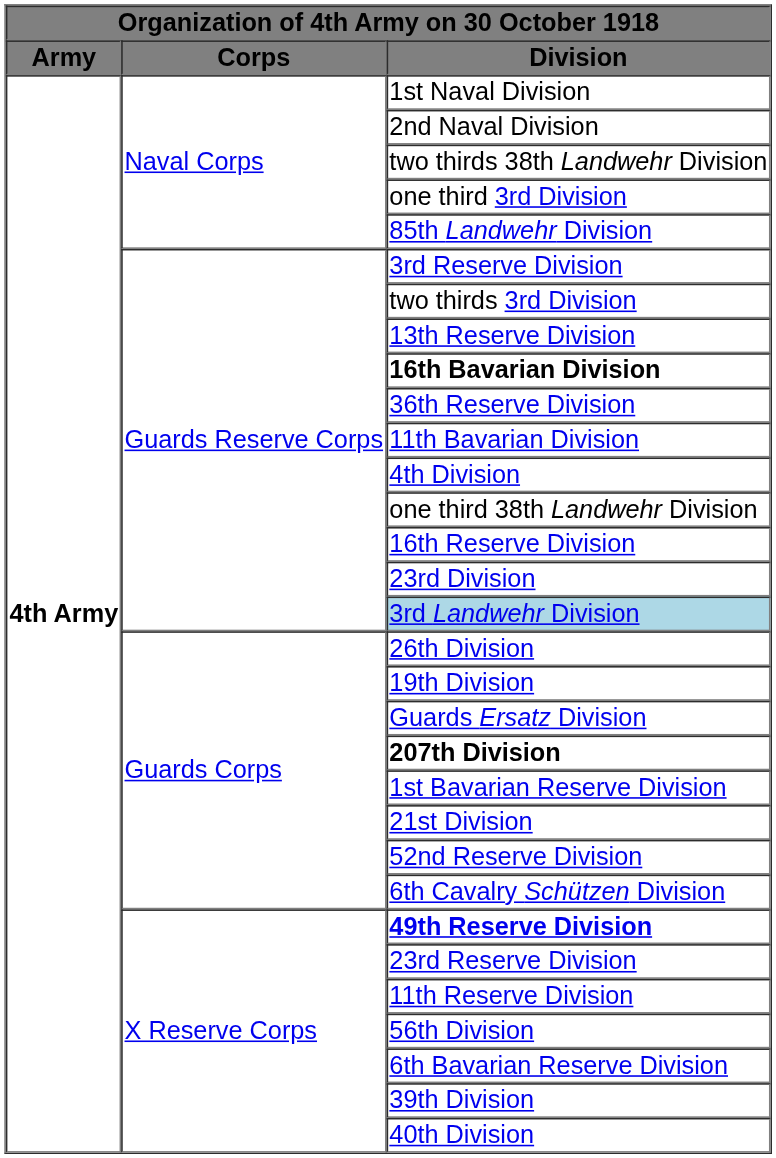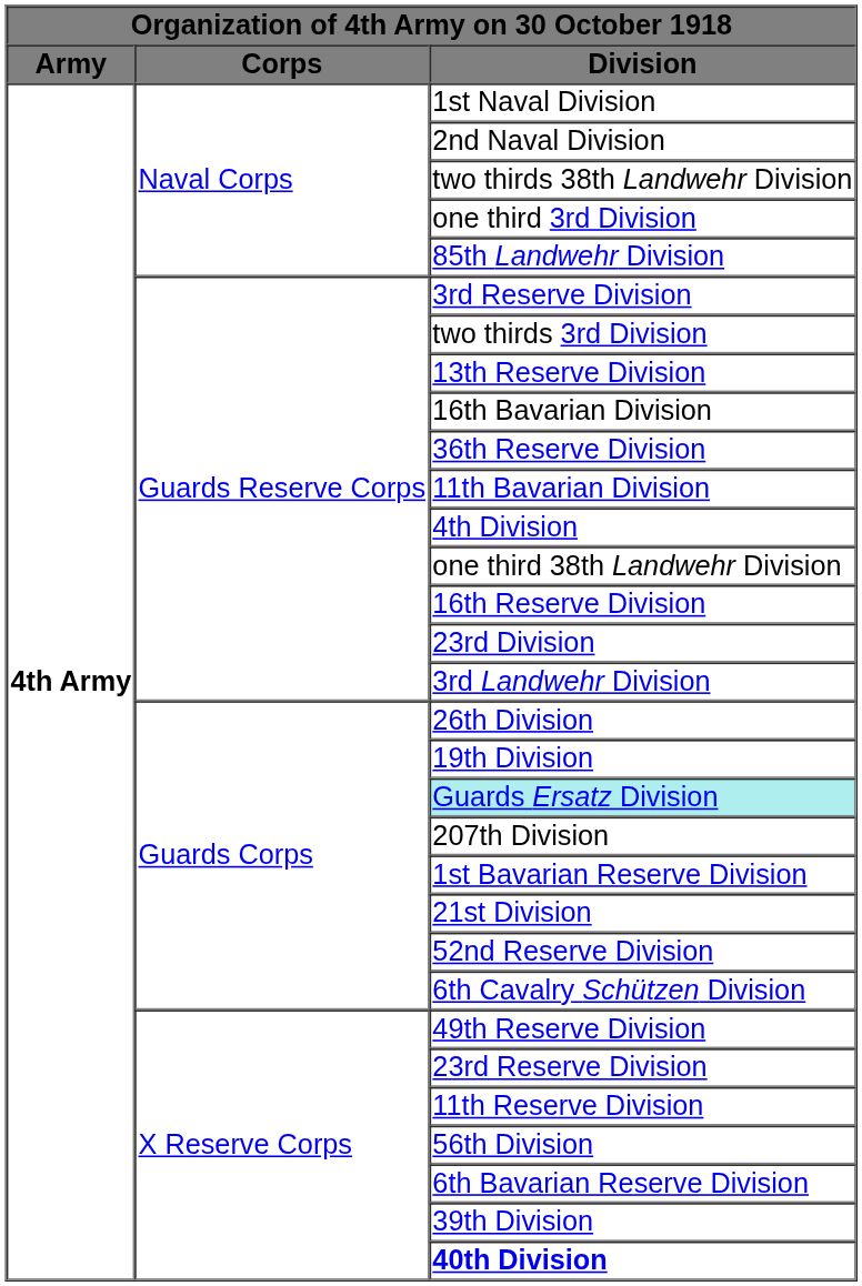 <table style="float: right;" border="1" cellpadding="1" cellspacing="0" style="font-size: 100%; border: gray solid 1px; border-collapse: collapse; text-align: center;">
 <tr style="background-color:grey; color:black;">
 <th colspan="3">Organization of 4th Army on 30 October 1918</th>
 </tr>
 <tr>
 </tr>
 <tr style="background-color:grey; color:black;">
 <th>Army</th>
 <th>Corps</th>
 <th>Division</th>
 </tr>
 <tr>
 <td ROWSPAN=31><strong>4th Army</strong></td>
 <td ROWSPAN=5><a href='#'>Naval Corps</a></td>
 <td>1st Naval Division</td>
 </tr>
 <tr>
 <td>2nd Naval Division</td>
 </tr>
 <tr>
 <td>two thirds 38th <em>Landwehr</em> Division</td>
 </tr>
 <tr>
 <td>one third <a href='#'>3rd Division</a></td>
 </tr>
 <tr>
 <td><a href='#'>85th <em>Landwehr</em> Division</a></td>
 </tr>
 <tr>
 <td ROWSPAN=11><a href='#'>Guards Reserve Corps</a></td>
 <td><a href='#'>3rd Reserve Division</a></td>
 </tr>
 <tr>
 <td>two thirds <a href='#'>3rd Division</a></td>
 </tr>
 <tr>
 <td><a href='#'>13th Reserve Division</a></td>
 </tr>
 <tr>
-<td><strong>16th Bavarian Division</strong></td>
+<td>16th Bavarian Division</td>
 </tr>
 <tr>
 <td><a href='#'>36th Reserve Division</a></td>
 </tr>
 <tr>
 <td><a href='#'>11th Bavarian Division</a></td>
 </tr>
 <tr>
 <td><a href='#'>4th Division</a></td>
 </tr>
 <tr>
 <td>one third 38th <em>Landwehr</em> Division</td>
 </tr>
 <tr>
 <td><a href='#'>16th Reserve Division</a></td>
 </tr>
 <tr>
 <td><a href='#'>23rd Division</a></td>
 </tr>
 <tr>
-<td style="background: lightblue;"><a href='#'>3rd <em>Landwehr</em> Division</a></td>
+<td><a href='#'>3rd <em>Landwehr</em> Division</a></td>
 </tr>
 <tr>
 <td ROWSPAN=8><a href='#'>Guards Corps</a></td>
 <td><a href='#'>26th Division</a></td>
 </tr>
 <tr>
 <td><a href='#'>19th Division</a></td>
 </tr>
 <tr>
-<td><a href='#'>Guards <em>Ersatz</em> Division</a></td>
+<td style="background: paleturquoise;"><a href='#'>Guards <em>Ersatz</em> Division</a></td>
 </tr>
 <tr>
-<td><strong>207th Division</strong></td>
+<td>207th Division</td>
 </tr>
 <tr>
 <td><a href='#'>1st Bavarian Reserve Division</a></td>
 </tr>
 <tr>
 <td><a href='#'>21st Division</a></td>
 </tr>
 <tr>
 <td><a href='#'>52nd Reserve Division</a></td>
 </tr>
 <tr>
 <td><a href='#'>6th Cavalry <em>Schützen</em> Division</a></td>
 </tr>
 <tr>
 <td ROWSPAN=7><a href='#'>X Reserve Corps</a></td>
-<td><strong><a href='#'>49th Reserve Division</a></strong></td>
+<td><a href='#'>49th Reserve Division</a></td>
 </tr>
 <tr>
 <td><a href='#'>23rd Reserve Division</a></td>
 </tr>
 <tr>
 <td><a href='#'>11th Reserve Division</a></td>
 </tr>
 <tr>
 <td><a href='#'>56th Division</a></td>
 </tr>
 <tr>
 <td><a href='#'>6th Bavarian Reserve Division</a></td>
 </tr>
 <tr>
 <td><a href='#'>39th Division</a></td>
 </tr>
 <tr>
-<td><a href='#'>40th Division</a></td>
+<td><strong><a href='#'>40th Division</a></strong></td>
 </tr>
 <tr>
 </tr>
 </table>
